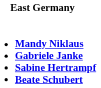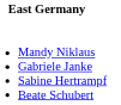 <table>
 <tr>
 <th>East Germany</th>
 </tr>
 <tr>
-<td><strong><br><ul><li><a href='#'>Mandy Niklaus</a></li><li><a href='#'>Gabriele Janke</a></li><li><a href='#'>Sabine Hertrampf</a></li><li><a href='#'>Beate Schubert</a></li></ul></strong></td>
+<td><br><ul><li><a href='#'>Mandy Niklaus</a></li><li><a href='#'>Gabriele Janke</a></li><li><a href='#'>Sabine Hertrampf</a></li><li><a href='#'>Beate Schubert</a></li></ul></td>
 </tr>
 </table>
